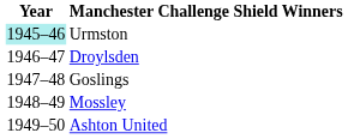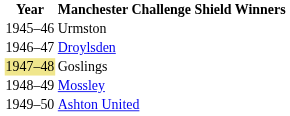 <table>
 <tr>
 <th>Year</th>
 <th>Manchester Challenge Shield Winners</th>
 </tr>
 <tr>
-<td style="background: paleturquoise;">1945–46</td>
+<td>1945–46</td>
 <td>Urmston</td>
 </tr>
 <tr>
 <td>1946–47</td>
 <td><a href='#'>Droylsden</a></td>
 </tr>
 <tr>
-<td>1947–48</td>
+<td style="background: khaki;">1947–48</td>
 <td>Goslings</td>
 </tr>
 <tr>
 <td>1948–49</td>
 <td><a href='#'>Mossley</a></td>
 </tr>
 <tr>
 <td>1949–50</td>
 <td><a href='#'>Ashton United</a></td>
 </tr>
 </table>
